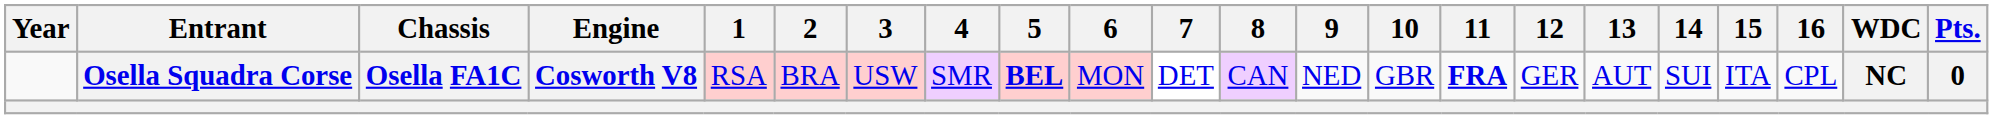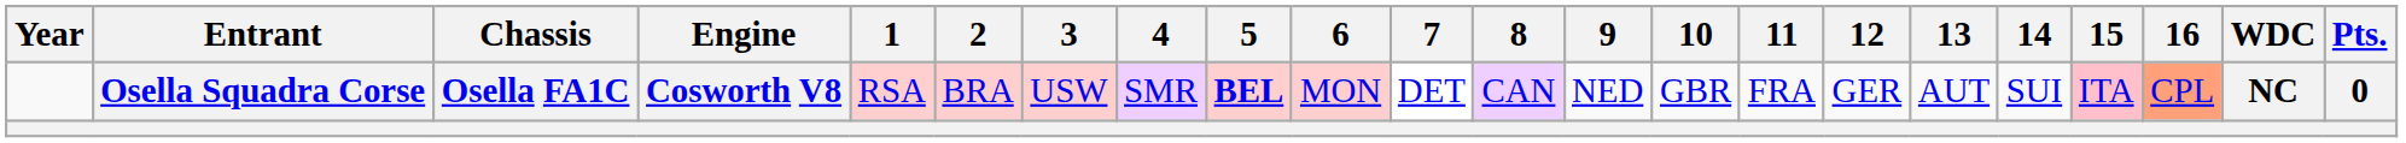 <table class="wikitable" style="text-align:center; font-size:85%">
 <tr>
 <th>Year</th>
 <th>Entrant</th>
 <th>Chassis</th>
 <th>Engine</th>
 <th>1</th>
 <th>2</th>
 <th>3</th>
 <th>4</th>
 <th>5</th>
 <th>6</th>
 <th>7</th>
 <th>8</th>
 <th>9</th>
 <th>10</th>
 <th>11</th>
 <th>12</th>
 <th>13</th>
 <th>14</th>
 <th>15</th>
 <th>16</th>
 <th>WDC</th>
 <th><a href='#'>Pts.</a></th>
 </tr>
 <tr>
 <td></td>
 <th nowrap><a href='#'>Osella Squadra Corse</a></th>
 <th nowrap><a href='#'>Osella</a> <a href='#'>FA1C</a></th>
 <th nowrap><a href='#'>Cosworth</a> <a href='#'>V8</a></th>
 <td style="background:#FFCFCF;"><a href='#'>RSA</a><br></td>
 <td style="background:#FFCFCF;"><a href='#'>BRA</a><br></td>
 <td style="background:#FFCFCF;"><a href='#'>USW</a><br></td>
 <td style="background:#EFCFFF;"><a href='#'>SMR</a><br></td>
 <td style="background:#FFCFCF;"><strong><a href='#'>BEL</a><br></strong></td>
 <td style="background:#FFCFCF;"><a href='#'>MON</a><br></td>
 <td style="background:#ffffff;"><a href='#'>DET</a><br></td>
 <td style="background:#EFCFFF;"><a href='#'>CAN</a><br></td>
 <td><a href='#'>NED</a></td>
 <td><a href='#'>GBR</a></td>
-<td><strong><a href='#'>FRA</a></strong></td>
+<td><a href='#'>FRA</a></td>
 <td><a href='#'>GER</a></td>
 <td><a href='#'>AUT</a></td>
 <td><a href='#'>SUI</a></td>
-<td><a href='#'>ITA</a></td>
-<td><a href='#'>CPL</a></td>
+<td style="background: pink;"><a href='#'>ITA</a></td>
+<td style="background: lightsalmon;"><a href='#'>CPL</a></td>
 <th>NC</th>
 <th>0</th>
 </tr>
 <tr>
 <th colspan="23"></th>
 </tr>
 </table>
